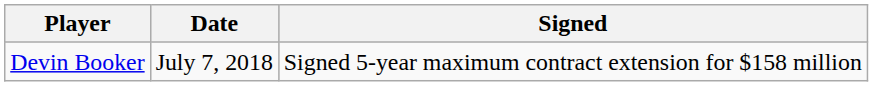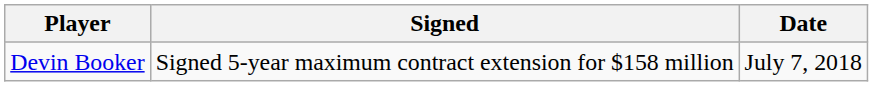 <table class="wikitable sortable sortable" style="text-align:center">
 <tr>
 <th>Player</th>
+<th>Signed</th>
 <th>Date</th>
-<th>Signed</th>
 </tr>
 <tr>
 <td><a href='#'>Devin Booker</a></td>
+<td>Signed 5-year maximum contract extension for $158 million</td>
 <td>July 7, 2018</td>
-<td>Signed 5-year maximum contract extension for $158 million</td>
 </tr>
 </table>
